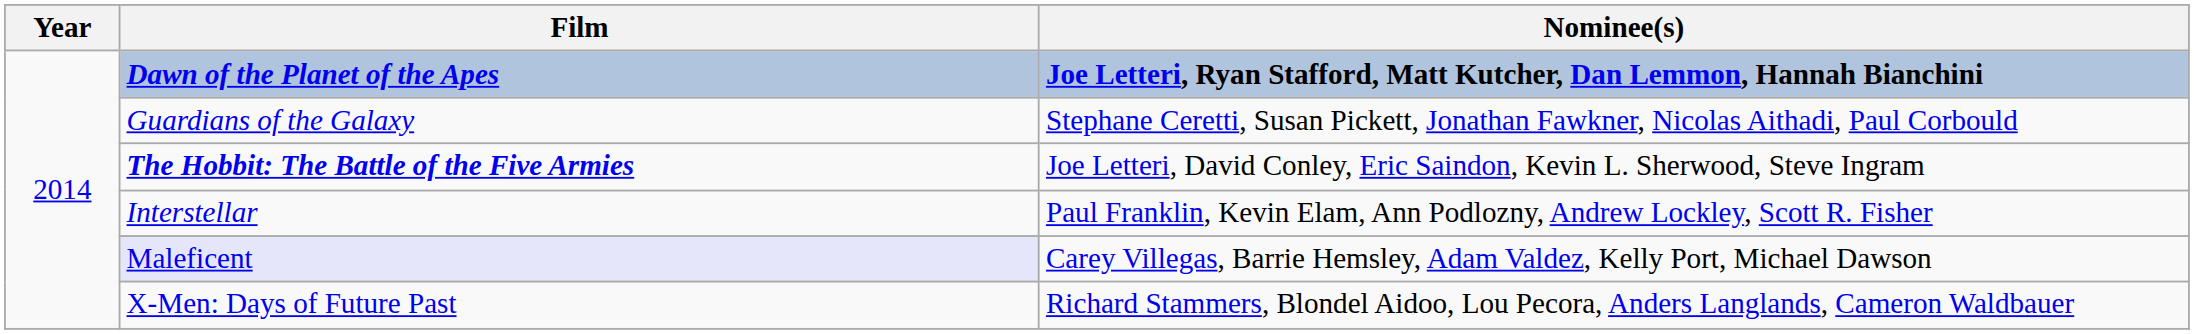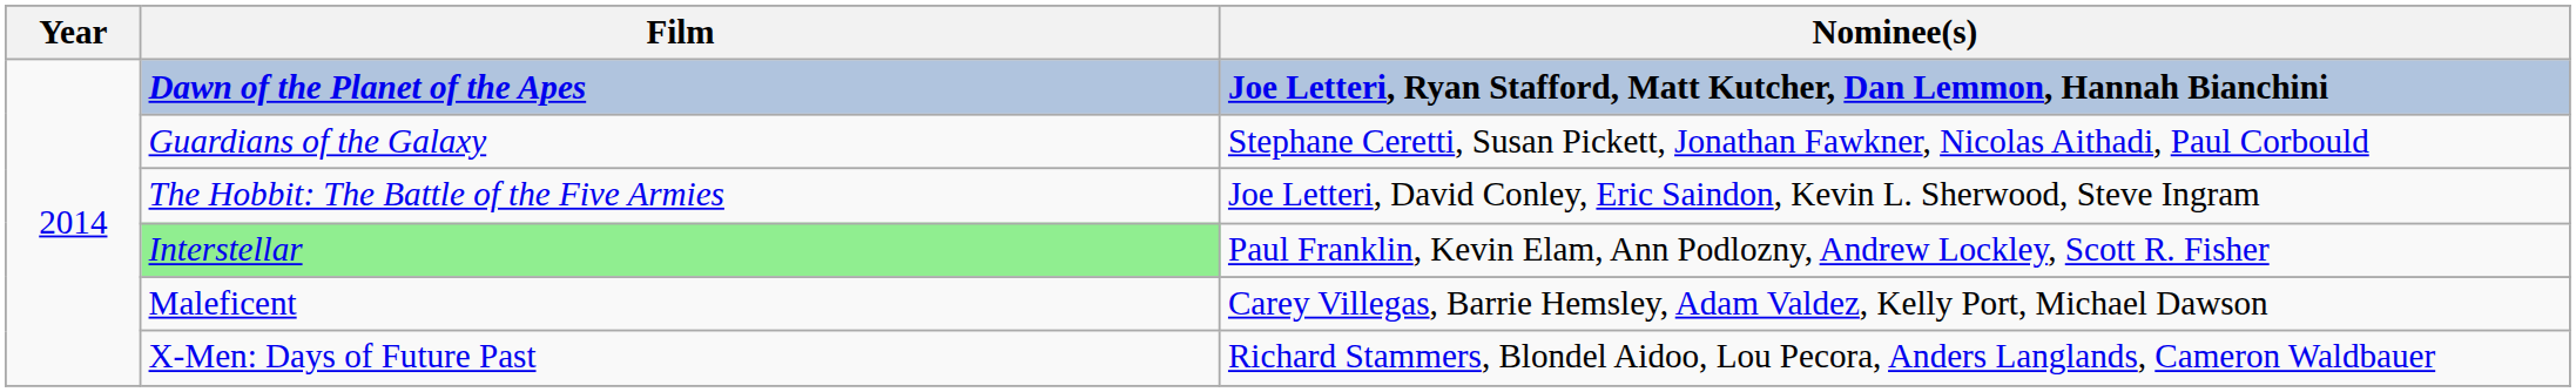 <table class="wikitable" width="95%" cellpadding="5">
 <tr>
 <th width="5%">Year</th>
 <th width="40%">Film</th>
 <th width="50%">Nominee(s)</th>
 </tr>
 <tr>
 <td rowspan="6" style="text-align:center;"><a href='#'>2014</a><br></td>
 <td style="background:#B0C4DE;"><strong><em><a href='#'>Dawn of the Planet of the Apes</a></em></strong></td>
 <td style="background:#B0C4DE;"><strong><a href='#'>Joe Letteri</a>, Ryan Stafford, Matt Kutcher, <a href='#'>Dan Lemmon</a>, Hannah Bianchini</strong></td>
 </tr>
 <tr>
 <td><em><a href='#'>Guardians of the Galaxy</a></em></td>
 <td><a href='#'>Stephane Ceretti</a>, Susan Pickett, <a href='#'>Jonathan Fawkner</a>, <a href='#'>Nicolas Aithadi</a>, <a href='#'>Paul Corbould</a></td>
 </tr>
 <tr>
-<td><strong><em><a href='#'>The Hobbit: The Battle of the Five Armies</a></em></strong></td>
+<td><em><a href='#'>The Hobbit: The Battle of the Five Armies</a></em></td>
 <td><a href='#'>Joe Letteri</a>, David Conley, <a href='#'>Eric Saindon</a>, Kevin L. Sherwood, Steve Ingram</td>
 </tr>
 <tr>
-<td><em><a href='#'>Interstellar</a> <strong><strong><em></td>
+<td style="background: lightgreen;"><em><a href='#'>Interstellar</a> <strong><strong><em></td>
 <td><a href='#'>Paul Franklin</a>, Kevin Elam, Ann Podlozny, <a href='#'>Andrew Lockley</a>, <a href='#'>Scott R. Fisher</a></td>
 </tr>
 <tr>
-<td style="background: lavender;"></em><a href='#'>Maleficent</a><em></td>
+<td></em><a href='#'>Maleficent</a><em></td>
 <td><a href='#'>Carey Villegas</a>, Barrie Hemsley, <a href='#'>Adam Valdez</a>, Kelly Port, Michael Dawson</td>
 </tr>
 <tr>
 <td></em><a href='#'>X-Men: Days of Future Past</a><em></td>
 <td><a href='#'>Richard Stammers</a>, Blondel Aidoo, Lou Pecora, <a href='#'>Anders Langlands</a>, <a href='#'>Cameron Waldbauer</a></td>
 </tr>
 </table>
